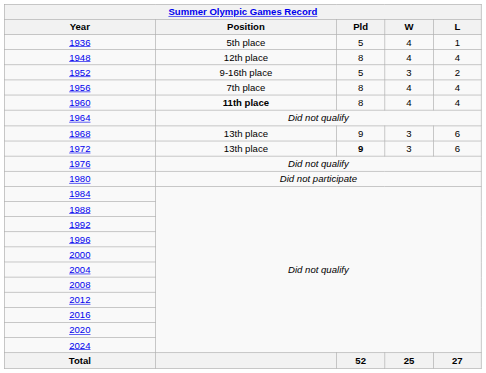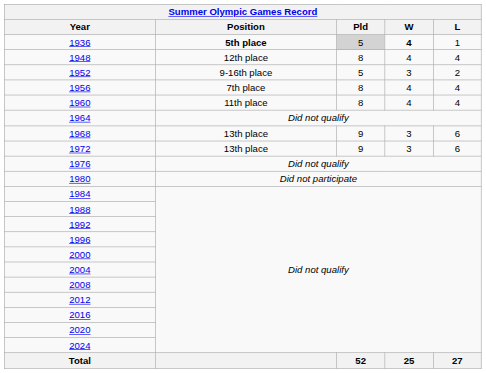 <table class="wikitable collapsible autocollapse" style="text-align: center; font-size:95%;" width=60%>
 <tr>
 <th colspan=8><a href='#'>Summer Olympic Games Record</a></th>
 </tr>
 <tr>
 <th width=25%>Year</th>
 <th width=30%>Position</th>
 <th width=8%>Pld</th>
 <th width=8%>W</th>
 <th width=8%>L</th>
 </tr>
 <tr>
 <td> <a href='#'>1936</a></td>
-<td>5th place</td>
-<td>5</td>
-<td>4</td>
+<td><strong>5th place</strong></td>
+<td style="background: lightgrey;">5</td>
+<td><strong>4</strong></td>
 <td>1</td>
 </tr>
 <tr>
 <td> <a href='#'>1948</a></td>
 <td>12th place</td>
 <td>8</td>
 <td>4</td>
 <td>4</td>
 </tr>
 <tr>
 <td> <a href='#'>1952</a></td>
 <td>9-16th place</td>
 <td>5</td>
 <td>3</td>
 <td>2</td>
 </tr>
 <tr>
 <td> <a href='#'>1956</a></td>
 <td>7th place</td>
 <td>8</td>
 <td>4</td>
 <td>4</td>
 </tr>
 <tr>
 <td> <a href='#'>1960</a></td>
-<td><strong>11th place</strong></td>
+<td>11th place</td>
 <td>8</td>
 <td>4</td>
 <td>4</td>
 </tr>
 <tr>
 <td> <a href='#'>1964</a></td>
 <td colspan=5><em>Did not qualify</em></td>
 </tr>
 <tr>
 <td> <a href='#'>1968</a></td>
 <td>13th place</td>
 <td>9</td>
 <td>3</td>
 <td>6</td>
 </tr>
 <tr>
 <td> <a href='#'>1972</a></td>
 <td>13th place</td>
-<td><strong>9</strong></td>
+<td>9</td>
 <td>3</td>
 <td>6</td>
 </tr>
 <tr>
 <td> <a href='#'>1976</a></td>
 <td colspan=5><em>Did not qualify</em></td>
 </tr>
 <tr>
 <td> <a href='#'>1980</a></td>
 <td colspan=5><em>Did not participate</em></td>
 </tr>
 <tr>
 <td> <a href='#'>1984</a></td>
 <td rowspan=11 colspan=4><em>Did not qualify</em></td>
 </tr>
 <tr>
 <td> <a href='#'>1988</a></td>
 </tr>
 <tr>
 <td> <a href='#'>1992</a></td>
 </tr>
 <tr>
 <td> <a href='#'>1996</a></td>
 </tr>
 <tr>
 <td> <a href='#'>2000</a></td>
 </tr>
 <tr>
 <td> <a href='#'>2004</a></td>
 </tr>
 <tr>
 <td> <a href='#'>2008</a></td>
 </tr>
 <tr>
 <td> <a href='#'>2012</a></td>
 </tr>
 <tr>
 <td> <a href='#'>2016</a></td>
 </tr>
 <tr>
 <td> <a href='#'>2020</a></td>
 </tr>
 <tr>
 <td> <a href='#'>2024</a></td>
 </tr>
 <tr>
 <th>Total</th>
 <th></th>
 <th>52</th>
 <th>25</th>
 <th>27</th>
 </tr>
 </table>
